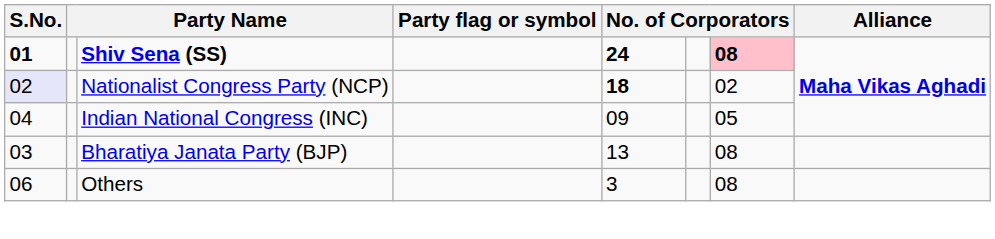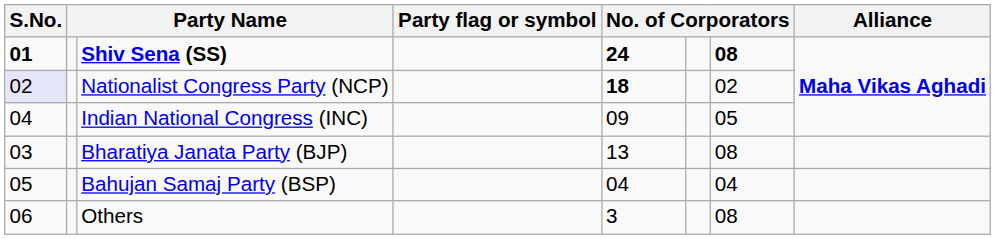 <table class="sortable wikitable">
 <tr>
 <th>S.No.</th>
 <th colspan="2">Party Name</th>
 <th>Party flag or symbol</th>
 <th colspan="3">No. of Corporators</th>
 <th>Alliance</th>
 </tr>
 <tr>
 <td><strong>01</strong></td>
 <td style="background-color: "></td>
 <td><strong><a href='#'>Shiv Sena</a> (SS)</strong></td>
 <td></td>
 <td><strong>24</strong></td>
 <td></td>
-<td style="background: pink;"><strong> 08</strong></td>
+<td><strong> 08</strong></td>
 <td rowspan="3"><strong><a href='#'>Maha Vikas Aghadi</a></strong></td>
 </tr>
 <tr>
 <td style="background: lavender;">02</td>
 <td style="background-color: "></td>
 <td><a href='#'>Nationalist Congress Party</a> (NCP)</td>
 <td></td>
 <td><strong>18</strong></td>
 <td></td>
 <td> 02</td>
 </tr>
 <tr>
 <td>04</td>
 <td style="background-color: "></td>
 <td><a href='#'>Indian National Congress</a> (INC)</td>
 <td></td>
 <td>09</td>
 <td></td>
 <td> 05</td>
 </tr>
 <tr>
 <td>03</td>
 <td style="background-color: "></td>
 <td><a href='#'>Bharatiya Janata Party</a> (BJP)</td>
 <td></td>
 <td>13</td>
 <td></td>
 <td> 08</td>
 <td></td>
 </tr>
 <tr>
+<td>05</td>
+<td style="background-color: "></td>
+<td><a href='#'>Bahujan Samaj Party</a> (BSP)</td>
+<td></td>
+<td>04</td>
+<td></td>
+<td> 04</td>
+<td></td>
+</tr>
+<tr>
 <td>06</td>
 <td style="background-color: "></td>
 <td>Others</td>
 <td></td>
 <td>3</td>
 <td></td>
 <td> 08</td>
 <td></td>
 </tr>
 </table>
